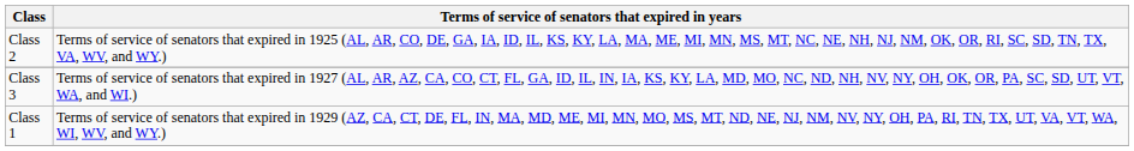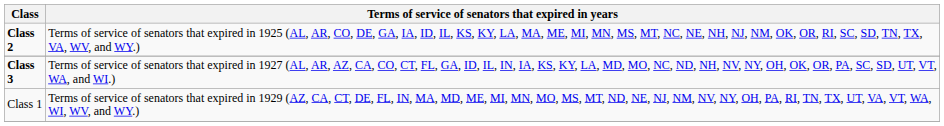 <table class="wikitable sortable">
 <tr valign=bottom>
 <th>Class</th>
 <th>Terms of service of senators that expired in years</th>
 </tr>
 <tr>
-<td>Class 2</td>
+<td><strong>Class 2</strong></td>
 <td>Terms of service of senators that expired in 1925 (<a href='#'>AL</a>, <a href='#'>AR</a>, <a href='#'>CO</a>, <a href='#'>DE</a>, <a href='#'>GA</a>, <a href='#'>IA</a>, <a href='#'>ID</a>, <a href='#'>IL</a>, <a href='#'>KS</a>, <a href='#'>KY</a>, <a href='#'>LA</a>, <a href='#'>MA</a>, <a href='#'>ME</a>, <a href='#'>MI</a>, <a href='#'>MN</a>, <a href='#'>MS</a>, <a href='#'>MT</a>, <a href='#'>NC</a>, <a href='#'>NE</a>, <a href='#'>NH</a>, <a href='#'>NJ</a>, <a href='#'>NM</a>, <a href='#'>OK</a>, <a href='#'>OR</a>, <a href='#'>RI</a>, <a href='#'>SC</a>, <a href='#'>SD</a>, <a href='#'>TN</a>, <a href='#'>TX</a>, <a href='#'>VA</a>, <a href='#'>WV</a>, and <a href='#'>WY</a>.)</td>
 </tr>
 <tr>
 </tr>
 <tr>
-<td>Class 3</td>
+<td><strong>Class 3</strong></td>
 <td>Terms of service of senators that expired in 1927 (<a href='#'>AL</a>, <a href='#'>AR</a>, <a href='#'>AZ</a>, <a href='#'>CA</a>, <a href='#'>CO</a>, <a href='#'>CT</a>, <a href='#'>FL</a>, <a href='#'>GA</a>, <a href='#'>ID</a>, <a href='#'>IL</a>, <a href='#'>IN</a>, <a href='#'>IA</a>, <a href='#'>KS</a>, <a href='#'>KY</a>, <a href='#'>LA</a>, <a href='#'>MD</a>, <a href='#'>MO</a>, <a href='#'>NC</a>, <a href='#'>ND</a>, <a href='#'>NH</a>, <a href='#'>NV</a>, <a href='#'>NY</a>, <a href='#'>OH</a>, <a href='#'>OK</a>, <a href='#'>OR</a>, <a href='#'>PA</a>, <a href='#'>SC</a>, <a href='#'>SD</a>, <a href='#'>UT</a>, <a href='#'>VT</a>, <a href='#'>WA</a>, and <a href='#'>WI</a>.)</td>
 </tr>
 <tr>
 <td>Class 1</td>
 <td>Terms of service of senators that expired in 1929 (<a href='#'>AZ</a>, <a href='#'>CA</a>, <a href='#'>CT</a>, <a href='#'>DE</a>, <a href='#'>FL</a>, <a href='#'>IN</a>, <a href='#'>MA</a>, <a href='#'>MD</a>, <a href='#'>ME</a>, <a href='#'>MI</a>, <a href='#'>MN</a>, <a href='#'>MO</a>, <a href='#'>MS</a>, <a href='#'>MT</a>, <a href='#'>ND</a>, <a href='#'>NE</a>, <a href='#'>NJ</a>, <a href='#'>NM</a>, <a href='#'>NV</a>, <a href='#'>NY</a>, <a href='#'>OH</a>, <a href='#'>PA</a>, <a href='#'>RI</a>, <a href='#'>TN</a>, <a href='#'>TX</a>, <a href='#'>UT</a>, <a href='#'>VA</a>, <a href='#'>VT</a>, <a href='#'>WA</a>, <a href='#'>WI</a>, <a href='#'>WV</a>, and <a href='#'>WY</a>.)</td>
 </tr>
 <tr>
 </tr>
 </table>
